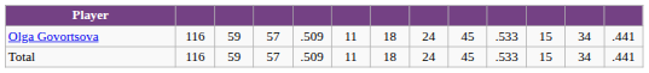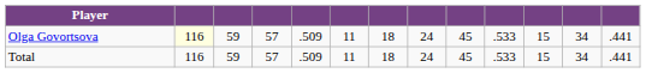 <table class="wikitable" style="text-align:center">
 <tr>
 <th style="background:#744184; color:white" width="200px">Player</th>
 <th style="background:#744184; color:white" width="40px"></th>
 <th style="background:#744184; color:white" width="40px"></th>
 <th style="background:#744184; color:white" width="40px"></th>
 <th style="background:#744184; color:white" width="40px"></th>
 <th style="background:#744184; color:white" width="40px"></th>
 <th style="background:#744184; color:white" width="40px"></th>
 <th style="background:#744184; color:white" width="40px"></th>
 <th style="background:#744184; color:white" width="40px"></th>
 <th style="background:#744184; color:white" width="40px"></th>
 <th style="background:#744184; color:white" width="40px"></th>
 <th style="background:#744184; color:white" width="40px"></th>
 <th style="background:#744184; color:white" width="40px"></th>
 </tr>
 <tr>
 <td style="text-align:left"><a href='#'>Olga Govortsova</a></td>
-<td>116</td>
+<td style="background: lightyellow;">116</td>
 <td>59</td>
 <td>57</td>
 <td>.509</td>
 <td>11</td>
 <td>18</td>
 <td>24</td>
 <td>45</td>
 <td>.533</td>
 <td>15</td>
 <td>34</td>
 <td>.441</td>
 </tr>
 <tr>
 <td style="text-align:left">Total</td>
 <td>116</td>
 <td>59</td>
 <td>57</td>
 <td>.509</td>
 <td>11</td>
 <td>18</td>
 <td>24</td>
 <td>45</td>
 <td>.533</td>
 <td>15</td>
 <td>34</td>
 <td>.441</td>
 </tr>
 </table>
